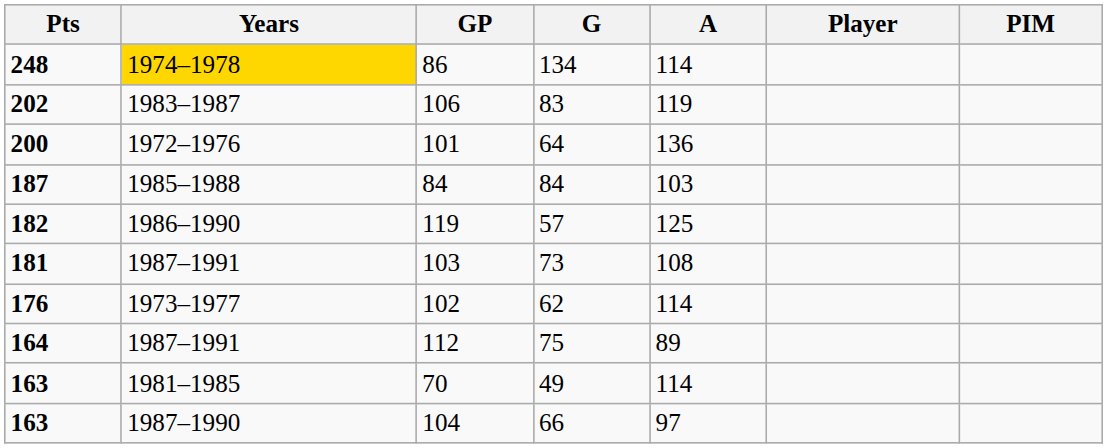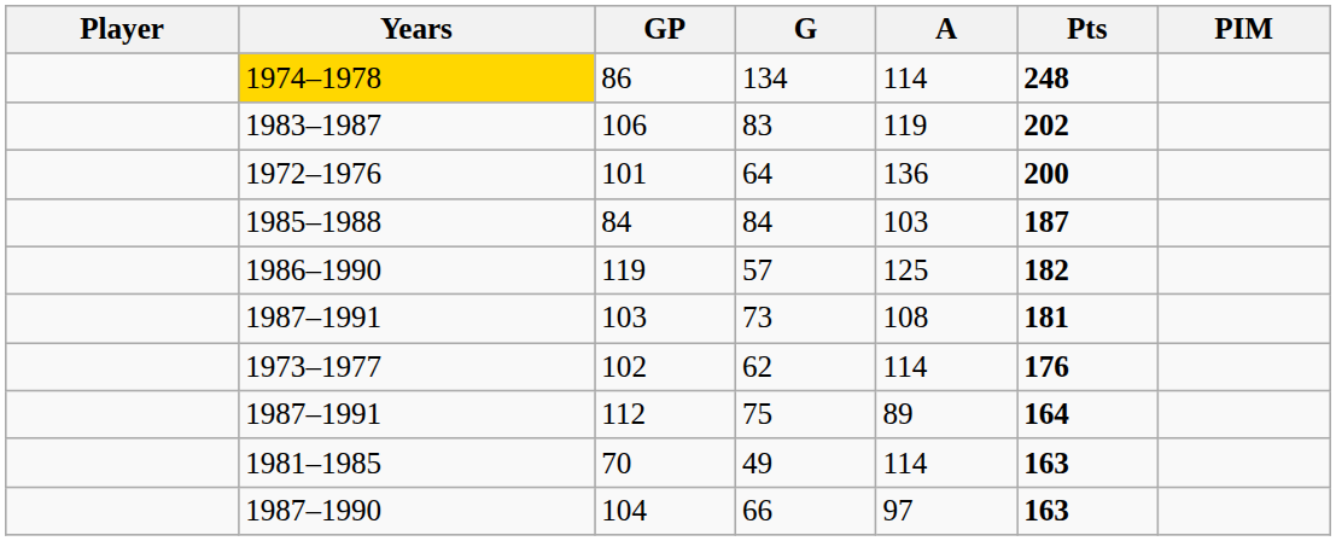 <table class="wikitable sortable" width ="700" cellpadding="1" border="1" cellspacing="0">
 <tr>
-<th>Pts</th>
+<th>Player</th>
 <th>Years</th>
 <th>GP</th>
 <th>G</th>
 <th>A</th>
-<th>Player</th>
+<th>Pts</th>
 <th>PIM</th>
 </tr>
 <tr>
-<td><strong>248</strong></td>
+<td></td>
 <td style="background: gold;">1974–1978</td>
 <td>86</td>
 <td>134</td>
 <td>114</td>
-<td></td>
+<td><strong>248</strong></td>
 <td></td>
 </tr>
 <tr>
-<td><strong>202</strong></td>
+<td></td>
 <td>1983–1987</td>
 <td>106</td>
 <td>83</td>
 <td>119</td>
-<td></td>
+<td><strong>202</strong></td>
 <td></td>
 </tr>
 <tr>
-<td><strong>200</strong></td>
+<td></td>
 <td>1972–1976</td>
 <td>101</td>
 <td>64</td>
 <td>136</td>
-<td></td>
+<td><strong>200</strong></td>
 <td></td>
 </tr>
 <tr>
-<td><strong>187</strong></td>
+<td></td>
 <td>1985–1988</td>
 <td>84</td>
 <td>84</td>
 <td>103</td>
-<td></td>
+<td><strong>187</strong></td>
 <td></td>
 </tr>
 <tr>
-<td><strong>182</strong></td>
+<td></td>
 <td>1986–1990</td>
 <td>119</td>
 <td>57</td>
 <td>125</td>
-<td></td>
+<td><strong>182</strong></td>
 <td></td>
 </tr>
 <tr>
-<td><strong>181</strong></td>
+<td></td>
 <td>1987–1991</td>
 <td>103</td>
 <td>73</td>
 <td>108</td>
-<td></td>
+<td><strong>181</strong></td>
 <td></td>
 </tr>
 <tr>
-<td><strong>176</strong></td>
+<td></td>
 <td>1973–1977</td>
 <td>102</td>
 <td>62</td>
 <td>114</td>
-<td></td>
+<td><strong>176</strong></td>
 <td></td>
 </tr>
 <tr>
-<td><strong>164</strong></td>
+<td></td>
 <td>1987–1991</td>
 <td>112</td>
 <td>75</td>
 <td>89</td>
-<td></td>
+<td><strong>164</strong></td>
 <td></td>
 </tr>
 <tr>
-<td><strong>163</strong></td>
+<td></td>
 <td>1981–1985</td>
 <td>70</td>
 <td>49</td>
 <td>114</td>
-<td></td>
+<td><strong>163</strong></td>
 <td></td>
 </tr>
 <tr>
-<td><strong>163</strong></td>
+<td></td>
 <td>1987–1990</td>
 <td>104</td>
 <td>66</td>
 <td>97</td>
-<td></td>
+<td><strong>163</strong></td>
 <td></td>
 </tr>
 </table>
